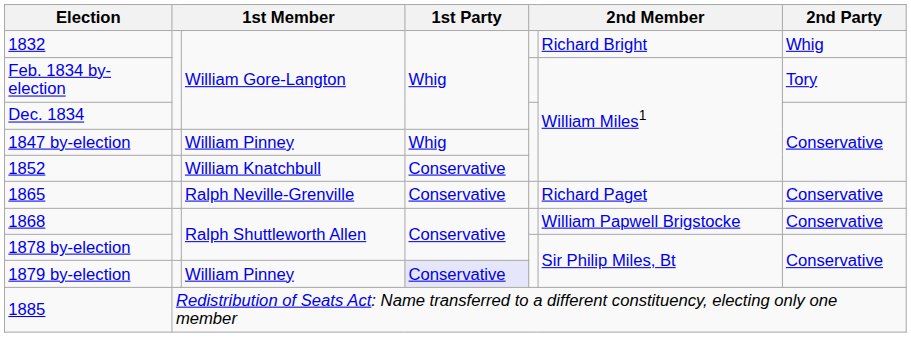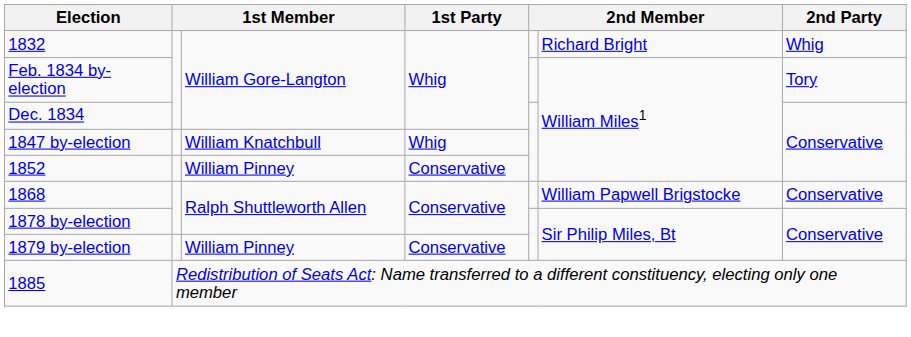 <table class="wikitable">
 <tr>
 <th>Election</th>
 <th colspan="2">1st Member</th>
 <th>1st Party</th>
 <th colspan="2">2nd Member</th>
 <th>2nd Party</th>
 </tr>
 <tr>
 <td><a href='#'>1832</a></td>
 <td rowspan="3" style="color:inherit;background-color: "></td>
 <td rowspan="3"><a href='#'>William Gore-Langton</a></td>
 <td rowspan="3"><a href='#'>Whig</a></td>
 <td style="color:inherit;background-color: "></td>
 <td><a href='#'>Richard Bright</a></td>
 <td><a href='#'>Whig</a></td>
 </tr>
 <tr>
 <td><a href='#'>Feb. 1834 by-election</a></td>
 <td style="color:inherit;background-color: "></td>
 <td rowspan="4"><a href='#'>William Miles</a><sup>1</sup></td>
 <td><a href='#'>Tory</a></td>
 </tr>
 <tr>
 <td><a href='#'>Dec. 1834</a></td>
 <td rowspan="3" style="color:inherit;background-color: "></td>
 <td rowspan="3"><a href='#'>Conservative</a></td>
 </tr>
 <tr>
 <td><a href='#'>1847 by-election</a></td>
 <td style="color:inherit;background-color: "></td>
-<td><a href='#'>William Pinney</a></td>
+<td><a href='#'>William Knatchbull</a></td>
 <td><a href='#'>Whig</a></td>
 </tr>
 <tr>
 <td><a href='#'>1852</a></td>
 <td style="color:inherit;background-color: "></td>
-<td><a href='#'>William Knatchbull</a></td>
-<td><a href='#'>Conservative</a></td>
-</tr>
-<tr>
-<td><a href='#'>1865</a></td>
-<td style="color:inherit;background-color: "></td>
-<td><a href='#'>Ralph Neville-Grenville</a></td>
-<td><a href='#'>Conservative</a></td>
-<td style="color:inherit;background-color: "></td>
-<td><a href='#'>Richard Paget</a></td>
+<td><a href='#'>William Pinney</a></td>
 <td><a href='#'>Conservative</a></td>
 </tr>
 <tr>
 <td><a href='#'>1868</a></td>
 <td rowspan="2" style="color:inherit;background-color: "></td>
 <td rowspan="2"><a href='#'>Ralph Shuttleworth Allen</a></td>
 <td rowspan="2"><a href='#'>Conservative</a></td>
 <td style="color:inherit;background-color: "></td>
 <td><a href='#'>William Papwell Brigstocke</a></td>
 <td><a href='#'>Conservative</a></td>
 </tr>
 <tr>
 <td><a href='#'>1878 by-election</a></td>
 <td rowspan="2" style="color:inherit;background-color: "></td>
 <td rowspan="2"><a href='#'>Sir Philip Miles, Bt</a></td>
 <td rowspan="2"><a href='#'>Conservative</a></td>
 </tr>
 <tr>
 <td><a href='#'>1879 by-election</a></td>
 <td style="color:inherit;background-color: "></td>
 <td><a href='#'>William Pinney</a></td>
-<td style="background: lavender;"><a href='#'>Conservative</a></td>
+<td><a href='#'>Conservative</a></td>
 </tr>
 <tr>
 <td><a href='#'>1885</a></td>
 <td colspan="6"><em><a href='#'>Redistribution of Seats Act</a>: Name transferred to a different constituency, electing only one member</em></td>
 </tr>
 </table>
